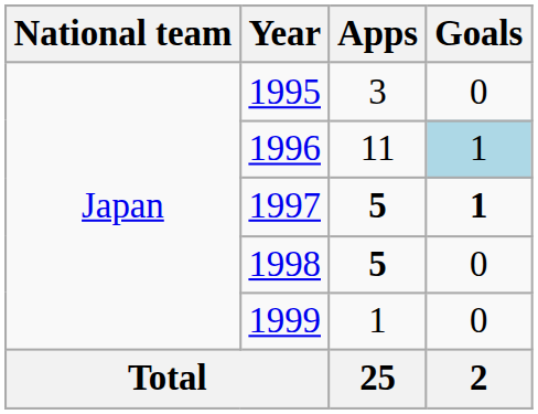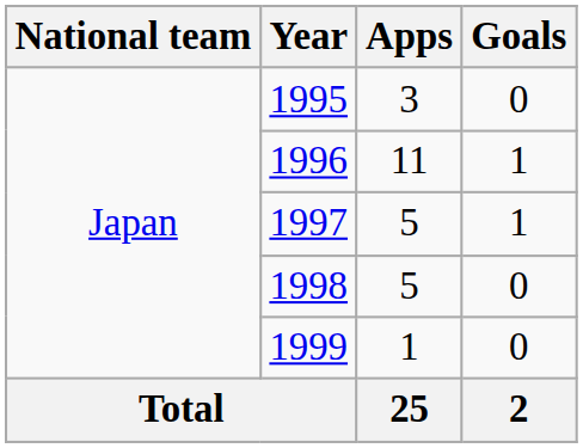 <table class="wikitable" style="text-align:center">
 <tr>
 <th>National team</th>
 <th>Year</th>
 <th>Apps</th>
 <th>Goals</th>
 </tr>
 <tr>
 <td rowspan="5"><a href='#'>Japan</a></td>
 <td><a href='#'>1995</a></td>
 <td>3</td>
 <td>0</td>
 </tr>
 <tr>
 <td><a href='#'>1996</a></td>
 <td>11</td>
-<td style="background: lightblue;">1</td>
+<td>1</td>
 </tr>
 <tr>
 <td><a href='#'>1997</a></td>
-<td><strong>5</strong></td>
-<td><strong>1</strong></td>
+<td>5</td>
+<td>1</td>
 </tr>
 <tr>
 <td><a href='#'>1998</a></td>
-<td><strong>5</strong></td>
+<td>5</td>
 <td>0</td>
 </tr>
 <tr>
 <td><a href='#'>1999</a></td>
 <td>1</td>
 <td>0</td>
 </tr>
 <tr>
 <th colspan="2">Total</th>
 <th>25</th>
 <th>2</th>
 </tr>
 </table>
